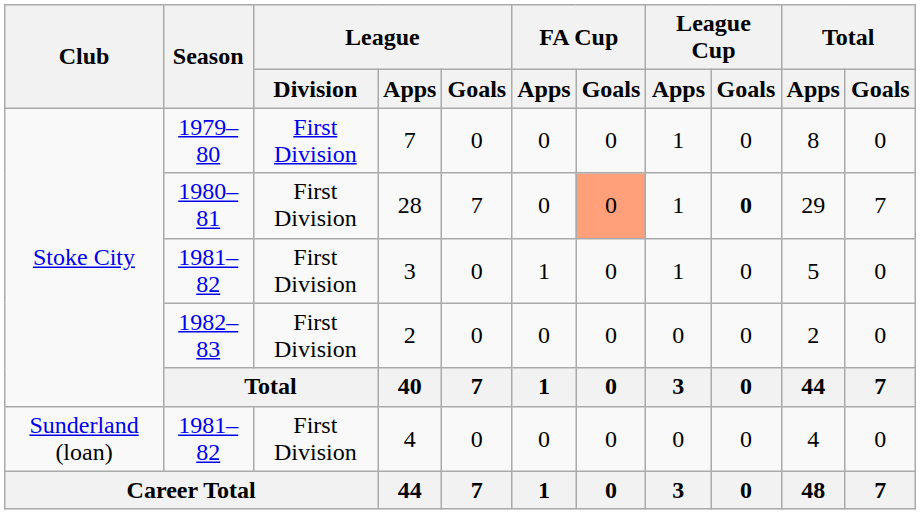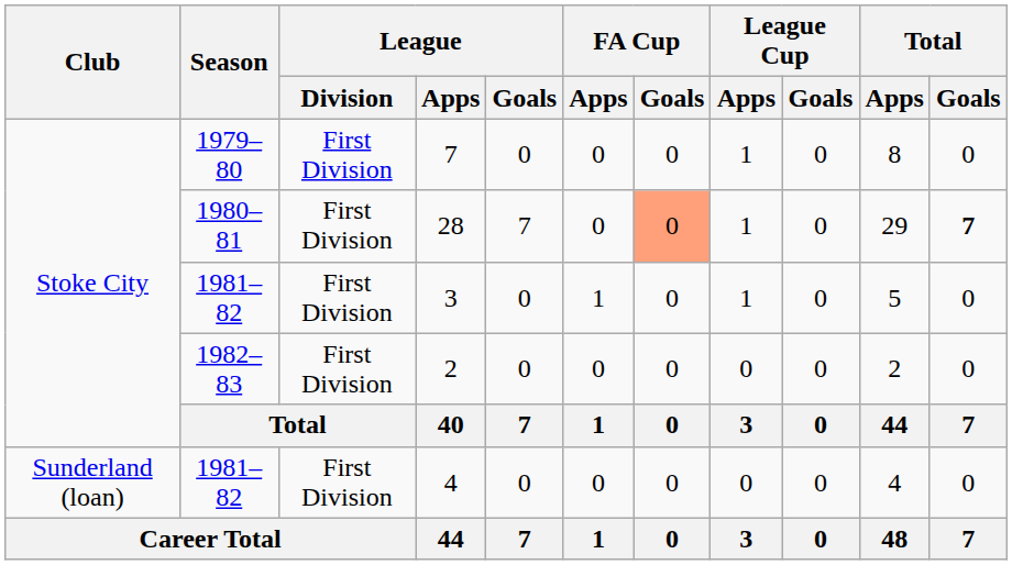 <table class="wikitable" style="text-align: center;">
 <tr>
 <th rowspan="2">Club</th>
 <th rowspan="2">Season</th>
 <th colspan="3">League</th>
 <th colspan="2">FA Cup</th>
 <th colspan="2">League Cup</th>
 <th colspan="2">Total</th>
 </tr>
 <tr>
 <th>Division</th>
 <th>Apps</th>
 <th>Goals</th>
 <th>Apps</th>
 <th>Goals</th>
 <th>Apps</th>
 <th>Goals</th>
 <th>Apps</th>
 <th>Goals</th>
 </tr>
 <tr>
 <td rowspan="5"><a href='#'>Stoke City</a></td>
 <td><a href='#'>1979–80</a></td>
 <td><a href='#'>First Division</a></td>
 <td>7</td>
 <td>0</td>
 <td>0</td>
 <td>0</td>
 <td>1</td>
 <td>0</td>
 <td>8</td>
 <td>0</td>
 </tr>
 <tr>
 <td><a href='#'>1980–81</a></td>
 <td>First Division</td>
 <td>28</td>
 <td>7</td>
 <td>0</td>
 <td style="background: lightsalmon;">0</td>
 <td>1</td>
-<td><strong>0</strong></td>
+<td>0</td>
 <td>29</td>
-<td>7</td>
+<td><strong>7</strong></td>
 </tr>
 <tr>
 <td><a href='#'>1981–82</a></td>
 <td>First Division</td>
 <td>3</td>
 <td>0</td>
 <td>1</td>
 <td>0</td>
 <td>1</td>
 <td>0</td>
 <td>5</td>
 <td>0</td>
 </tr>
 <tr>
 <td><a href='#'>1982–83</a></td>
 <td>First Division</td>
 <td>2</td>
 <td>0</td>
 <td>0</td>
 <td>0</td>
 <td>0</td>
 <td>0</td>
 <td>2</td>
 <td>0</td>
 </tr>
 <tr>
 <th colspan=2>Total</th>
 <th>40</th>
 <th>7</th>
 <th>1</th>
 <th>0</th>
 <th>3</th>
 <th>0</th>
 <th>44</th>
 <th>7</th>
 </tr>
 <tr>
 <td><a href='#'>Sunderland</a> (loan)</td>
 <td><a href='#'>1981–82</a></td>
 <td>First Division</td>
 <td>4</td>
 <td>0</td>
 <td>0</td>
 <td>0</td>
 <td>0</td>
 <td>0</td>
 <td>4</td>
 <td>0</td>
 </tr>
 <tr>
 <th colspan="3">Career Total</th>
 <th>44</th>
 <th>7</th>
 <th>1</th>
 <th>0</th>
 <th>3</th>
 <th>0</th>
 <th>48</th>
 <th>7</th>
 </tr>
 </table>
